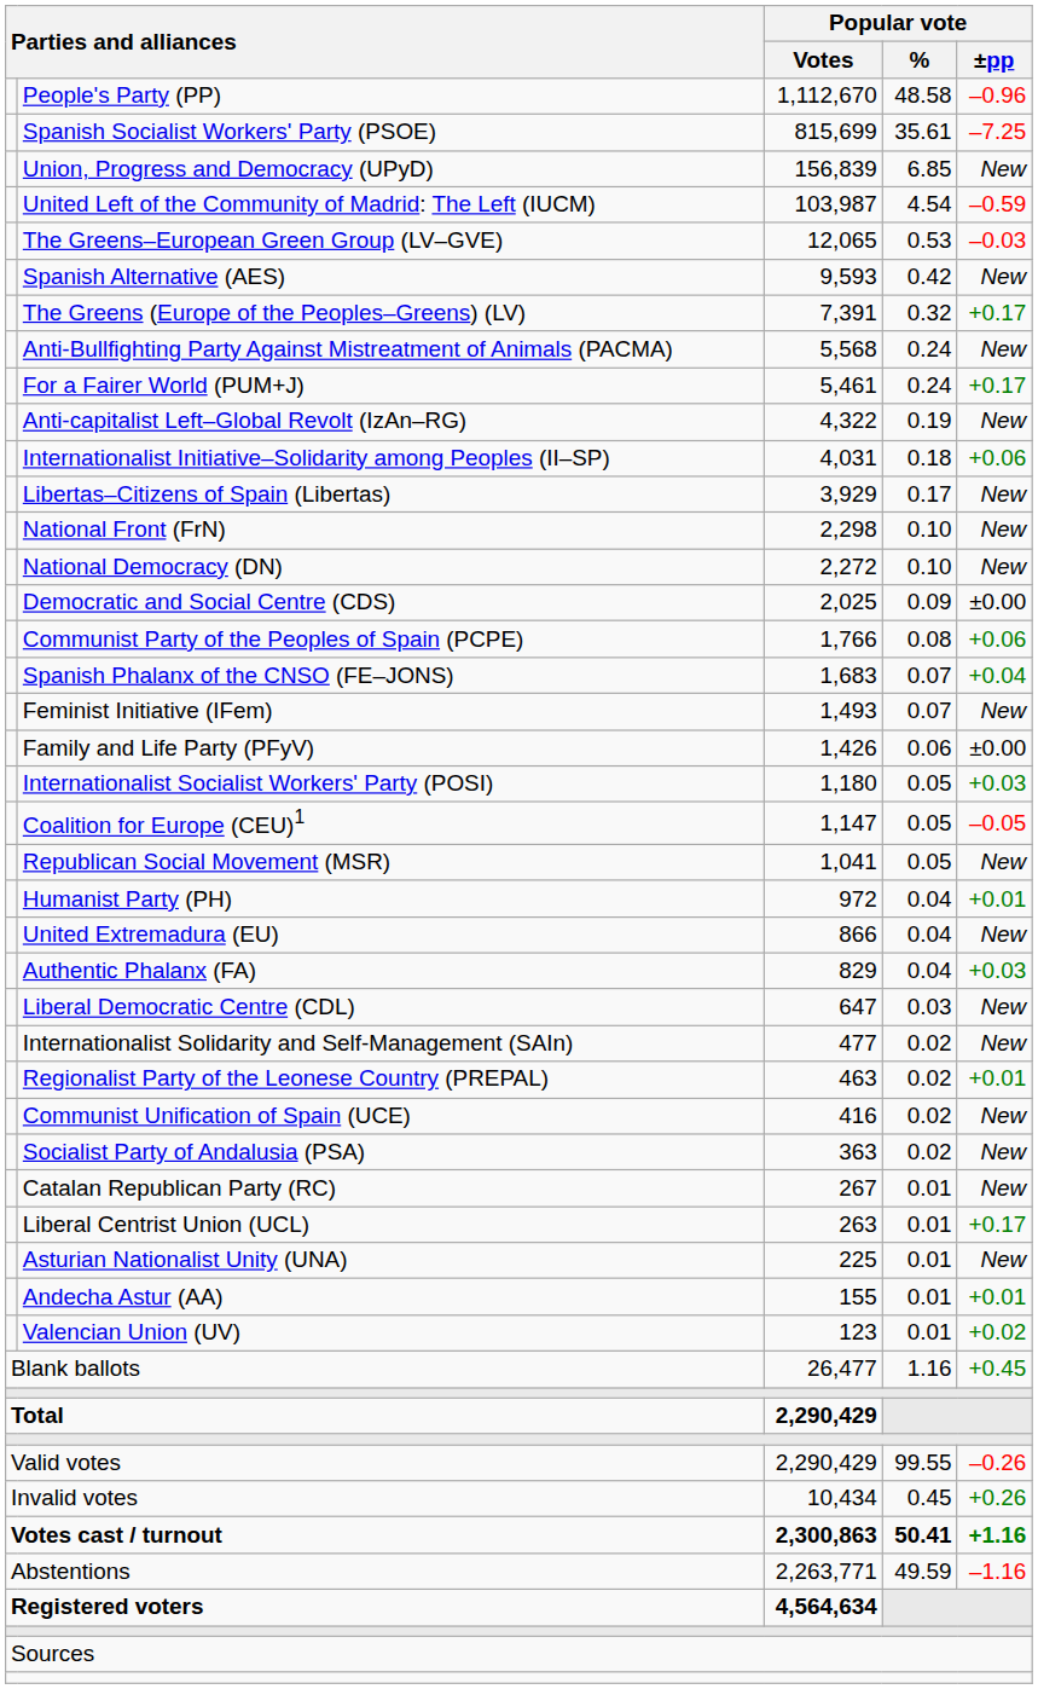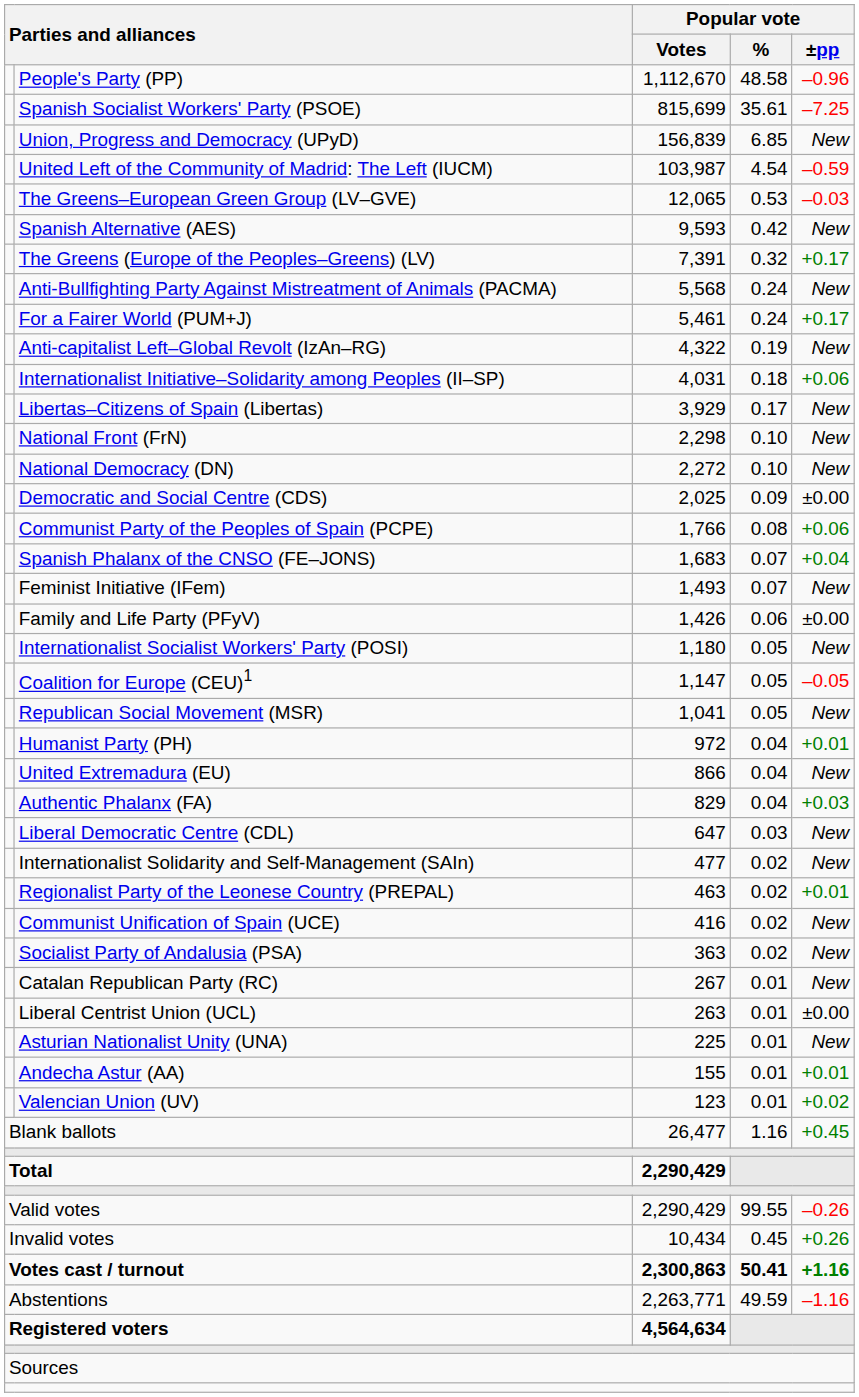 <table class="wikitable" style="text-align:right">
 <tr>
 <th style="text-align:left;" rowspan="2" colspan="2" width="525">Parties and alliances</th>
 <th colspan="3">Popular vote</th>
 </tr>
 <tr>
 <th width="75">Votes</th>
 <th width="45">%</th>
 <th width="45">±<a href='#'>pp</a></th>
 </tr>
 <tr>
 <td width="1" style="color:inherit;background:"></td>
 <td align="left"><a href='#'>People's Party</a> (PP)</td>
 <td>1,112,670</td>
 <td>48.58</td>
 <td style="color:red;">–0.96</td>
 </tr>
 <tr>
 <td style="color:inherit;background:"></td>
 <td align="left"><a href='#'>Spanish Socialist Workers' Party</a> (PSOE)</td>
 <td>815,699</td>
 <td>35.61</td>
 <td style="color:red;">–7.25</td>
 </tr>
 <tr>
 <td style="color:inherit;background:"></td>
 <td align="left"><a href='#'>Union, Progress and Democracy</a> (UPyD)</td>
 <td>156,839</td>
 <td>6.85</td>
 <td><em>New</em></td>
 </tr>
 <tr>
 <td style="color:inherit;background:"></td>
 <td align="left"><a href='#'>United Left of the Community of Madrid</a>: <a href='#'>The Left</a> (IUCM)</td>
 <td>103,987</td>
 <td>4.54</td>
 <td style="color:red;">–0.59</td>
 </tr>
 <tr>
 <td style="color:inherit;background:"></td>
 <td align="left"><a href='#'>The Greens–European Green Group</a> (LV–GVE)</td>
 <td>12,065</td>
 <td>0.53</td>
 <td style="color:red;">–0.03</td>
 </tr>
 <tr>
 <td style="color:inherit;background:"></td>
 <td align="left"><a href='#'>Spanish Alternative</a> (AES)</td>
 <td>9,593</td>
 <td>0.42</td>
 <td><em>New</em></td>
 </tr>
 <tr>
 <td style="color:inherit;background:"></td>
 <td align="left"><a href='#'>The Greens</a> (<a href='#'>Europe of the Peoples–Greens</a>) (LV)</td>
 <td>7,391</td>
 <td>0.32</td>
 <td style="color:green;">+0.17</td>
 </tr>
 <tr>
 <td style="color:inherit;background:"></td>
 <td align="left"><a href='#'>Anti-Bullfighting Party Against Mistreatment of Animals</a> (PACMA)</td>
 <td>5,568</td>
 <td>0.24</td>
 <td><em>New</em></td>
 </tr>
 <tr>
 <td style="color:inherit;background:"></td>
 <td align="left"><a href='#'>For a Fairer World</a> (PUM+J)</td>
 <td>5,461</td>
 <td>0.24</td>
 <td style="color:green;">+0.17</td>
 </tr>
 <tr>
 <td style="color:inherit;background:"></td>
 <td align="left"><a href='#'>Anti-capitalist Left–Global Revolt</a> (IzAn–RG)</td>
 <td>4,322</td>
 <td>0.19</td>
 <td><em>New</em></td>
 </tr>
 <tr>
 <td style="color:inherit;background:"></td>
 <td align="left"><a href='#'>Internationalist Initiative–Solidarity among Peoples</a> (II–SP)</td>
 <td>4,031</td>
 <td>0.18</td>
 <td style="color:green;">+0.06</td>
 </tr>
 <tr>
 <td style="color:inherit;background:"></td>
 <td align="left"><a href='#'>Libertas–Citizens of Spain</a> (Libertas)</td>
 <td>3,929</td>
 <td>0.17</td>
 <td><em>New</em></td>
 </tr>
 <tr>
 <td style="color:inherit;background:"></td>
 <td align="left"><a href='#'>National Front</a> (FrN)</td>
 <td>2,298</td>
 <td>0.10</td>
 <td><em>New</em></td>
 </tr>
 <tr>
 <td style="color:inherit;background:"></td>
 <td align="left"><a href='#'>National Democracy</a> (DN)</td>
 <td>2,272</td>
 <td>0.10</td>
 <td><em>New</em></td>
 </tr>
 <tr>
 <td style="color:inherit;background:"></td>
 <td align="left"><a href='#'>Democratic and Social Centre</a> (CDS)</td>
 <td>2,025</td>
 <td>0.09</td>
 <td>±0.00</td>
 </tr>
 <tr>
 <td style="color:inherit;background:"></td>
 <td align="left"><a href='#'>Communist Party of the Peoples of Spain</a> (PCPE)</td>
 <td>1,766</td>
 <td>0.08</td>
 <td style="color:green;">+0.06</td>
 </tr>
 <tr>
 <td style="color:inherit;background:"></td>
 <td align="left"><a href='#'>Spanish Phalanx of the CNSO</a> (FE–JONS)</td>
 <td>1,683</td>
 <td>0.07</td>
 <td style="color:green;">+0.04</td>
 </tr>
 <tr>
 <td style="color:inherit;background:"></td>
 <td align="left">Feminist Initiative (IFem)</td>
 <td>1,493</td>
 <td>0.07</td>
 <td><em>New</em></td>
 </tr>
 <tr>
 <td style="color:inherit;background:"></td>
 <td align="left">Family and Life Party (PFyV)</td>
 <td>1,426</td>
 <td>0.06</td>
 <td>±0.00</td>
 </tr>
 <tr>
 <td style="color:inherit;background:"></td>
 <td align="left"><a href='#'>Internationalist Socialist Workers' Party</a> (POSI)</td>
 <td>1,180</td>
 <td>0.05</td>
-<td style="color:green;">+0.03</td>
+<td><em>New</em></td>
 </tr>
 <tr>
 <td style="color:inherit;background:"></td>
 <td align="left"><a href='#'>Coalition for Europe</a> (CEU)<sup>1</sup></td>
 <td>1,147</td>
 <td>0.05</td>
 <td style="color:red;">–0.05</td>
 </tr>
 <tr>
 <td style="color:inherit;background:"></td>
 <td align="left"><a href='#'>Republican Social Movement</a> (MSR)</td>
 <td>1,041</td>
 <td>0.05</td>
 <td><em>New</em></td>
 </tr>
 <tr>
 <td style="color:inherit;background:"></td>
 <td align="left"><a href='#'>Humanist Party</a> (PH)</td>
 <td>972</td>
 <td>0.04</td>
 <td style="color:green;">+0.01</td>
 </tr>
 <tr>
 <td style="color:inherit;background:"></td>
 <td align="left"><a href='#'>United Extremadura</a> (EU)</td>
 <td>866</td>
 <td>0.04</td>
 <td><em>New</em></td>
 </tr>
 <tr>
 <td style="color:inherit;background:"></td>
 <td align="left"><a href='#'>Authentic Phalanx</a> (FA)</td>
 <td>829</td>
 <td>0.04</td>
 <td style="color:green;">+0.03</td>
 </tr>
 <tr>
 <td style="color:inherit;background:"></td>
 <td align="left"><a href='#'>Liberal Democratic Centre</a> (CDL)</td>
 <td>647</td>
 <td>0.03</td>
 <td><em>New</em></td>
 </tr>
 <tr>
 <td style="color:inherit;background:"></td>
 <td align="left">Internationalist Solidarity and Self-Management (SAIn)</td>
 <td>477</td>
 <td>0.02</td>
 <td><em>New</em></td>
 </tr>
 <tr>
 <td style="color:inherit;background:"></td>
 <td align="left"><a href='#'>Regionalist Party of the Leonese Country</a> (PREPAL)</td>
 <td>463</td>
 <td>0.02</td>
 <td style="color:green;">+0.01</td>
 </tr>
 <tr>
 <td style="color:inherit;background:"></td>
 <td align="left"><a href='#'>Communist Unification of Spain</a> (UCE)</td>
 <td>416</td>
 <td>0.02</td>
 <td><em>New</em></td>
 </tr>
 <tr>
 <td style="color:inherit;background:"></td>
 <td align="left"><a href='#'>Socialist Party of Andalusia</a> (PSA)</td>
 <td>363</td>
 <td>0.02</td>
 <td><em>New</em></td>
 </tr>
 <tr>
 <td style="color:inherit;background:"></td>
 <td align="left">Catalan Republican Party (RC)</td>
 <td>267</td>
 <td>0.01</td>
 <td><em>New</em></td>
 </tr>
 <tr>
 <td style="color:inherit;background:"></td>
 <td align="left">Liberal Centrist Union (UCL)</td>
 <td>263</td>
 <td>0.01</td>
-<td style="color:green;">+0.17</td>
+<td>±0.00</td>
 </tr>
 <tr>
 <td style="color:inherit;background:"></td>
 <td align="left"><a href='#'>Asturian Nationalist Unity</a> (UNA)</td>
 <td>225</td>
 <td>0.01</td>
 <td><em>New</em></td>
 </tr>
 <tr>
 <td style="color:inherit;background:"></td>
 <td align="left"><a href='#'>Andecha Astur</a> (AA)</td>
 <td>155</td>
 <td>0.01</td>
 <td style="color:green;">+0.01</td>
 </tr>
 <tr>
 <td style="color:inherit;background:"></td>
 <td align="left"><a href='#'>Valencian Union</a> (UV)</td>
 <td>123</td>
 <td>0.01</td>
 <td style="color:green;">+0.02</td>
 </tr>
 <tr>
 <td align="left" colspan="2">Blank ballots</td>
 <td>26,477</td>
 <td>1.16</td>
 <td style="color:green;">+0.45</td>
 </tr>
 <tr>
 <td colspan="5" bgcolor="#E9E9E9"></td>
 </tr>
 <tr style="font-weight:bold;">
 <td align="left" colspan="2">Total</td>
 <td>2,290,429</td>
 <td bgcolor="#E9E9E9" colspan="2"></td>
 </tr>
 <tr>
 <td colspan="5" bgcolor="#E9E9E9"></td>
 </tr>
 <tr>
 <td align="left" colspan="2">Valid votes</td>
 <td>2,290,429</td>
 <td>99.55</td>
 <td style="color:red;">–0.26</td>
 </tr>
 <tr>
 <td align="left" colspan="2">Invalid votes</td>
 <td>10,434</td>
 <td>0.45</td>
 <td style="color:green;">+0.26</td>
 </tr>
 <tr style="font-weight:bold;">
 <td align="left" colspan="2">Votes cast / turnout</td>
 <td>2,300,863</td>
 <td>50.41</td>
 <td style="color:green;">+1.16</td>
 </tr>
 <tr>
 <td align="left" colspan="2">Abstentions</td>
 <td>2,263,771</td>
 <td>49.59</td>
 <td style="color:red;">–1.16</td>
 </tr>
 <tr style="font-weight:bold;">
 <td align="left" colspan="2">Registered voters</td>
 <td>4,564,634</td>
 <td bgcolor="#E9E9E9" colspan="2"></td>
 </tr>
 <tr>
 <td colspan="5" bgcolor="#E9E9E9"></td>
 </tr>
 <tr>
 <td align="left" colspan="5">Sources</td>
 </tr>
 <tr>
 <td colspan="5" style="text-align:left; max-width:680px;"></td>
 </tr>
 </table>
